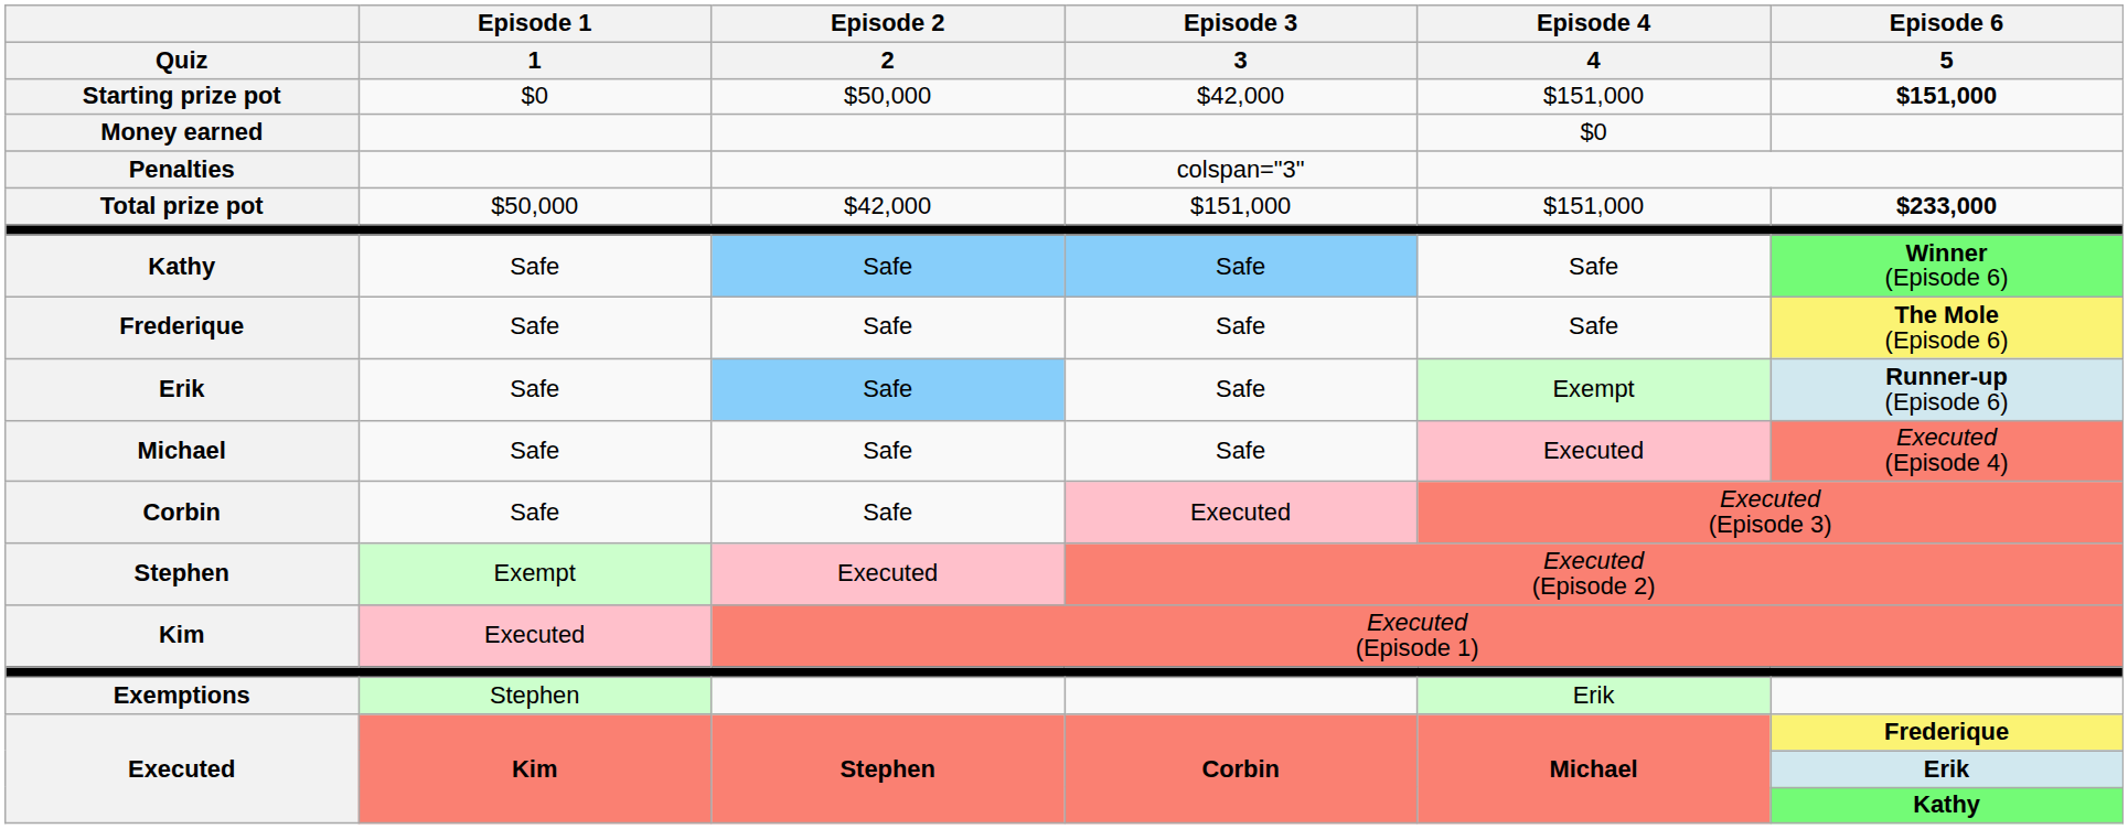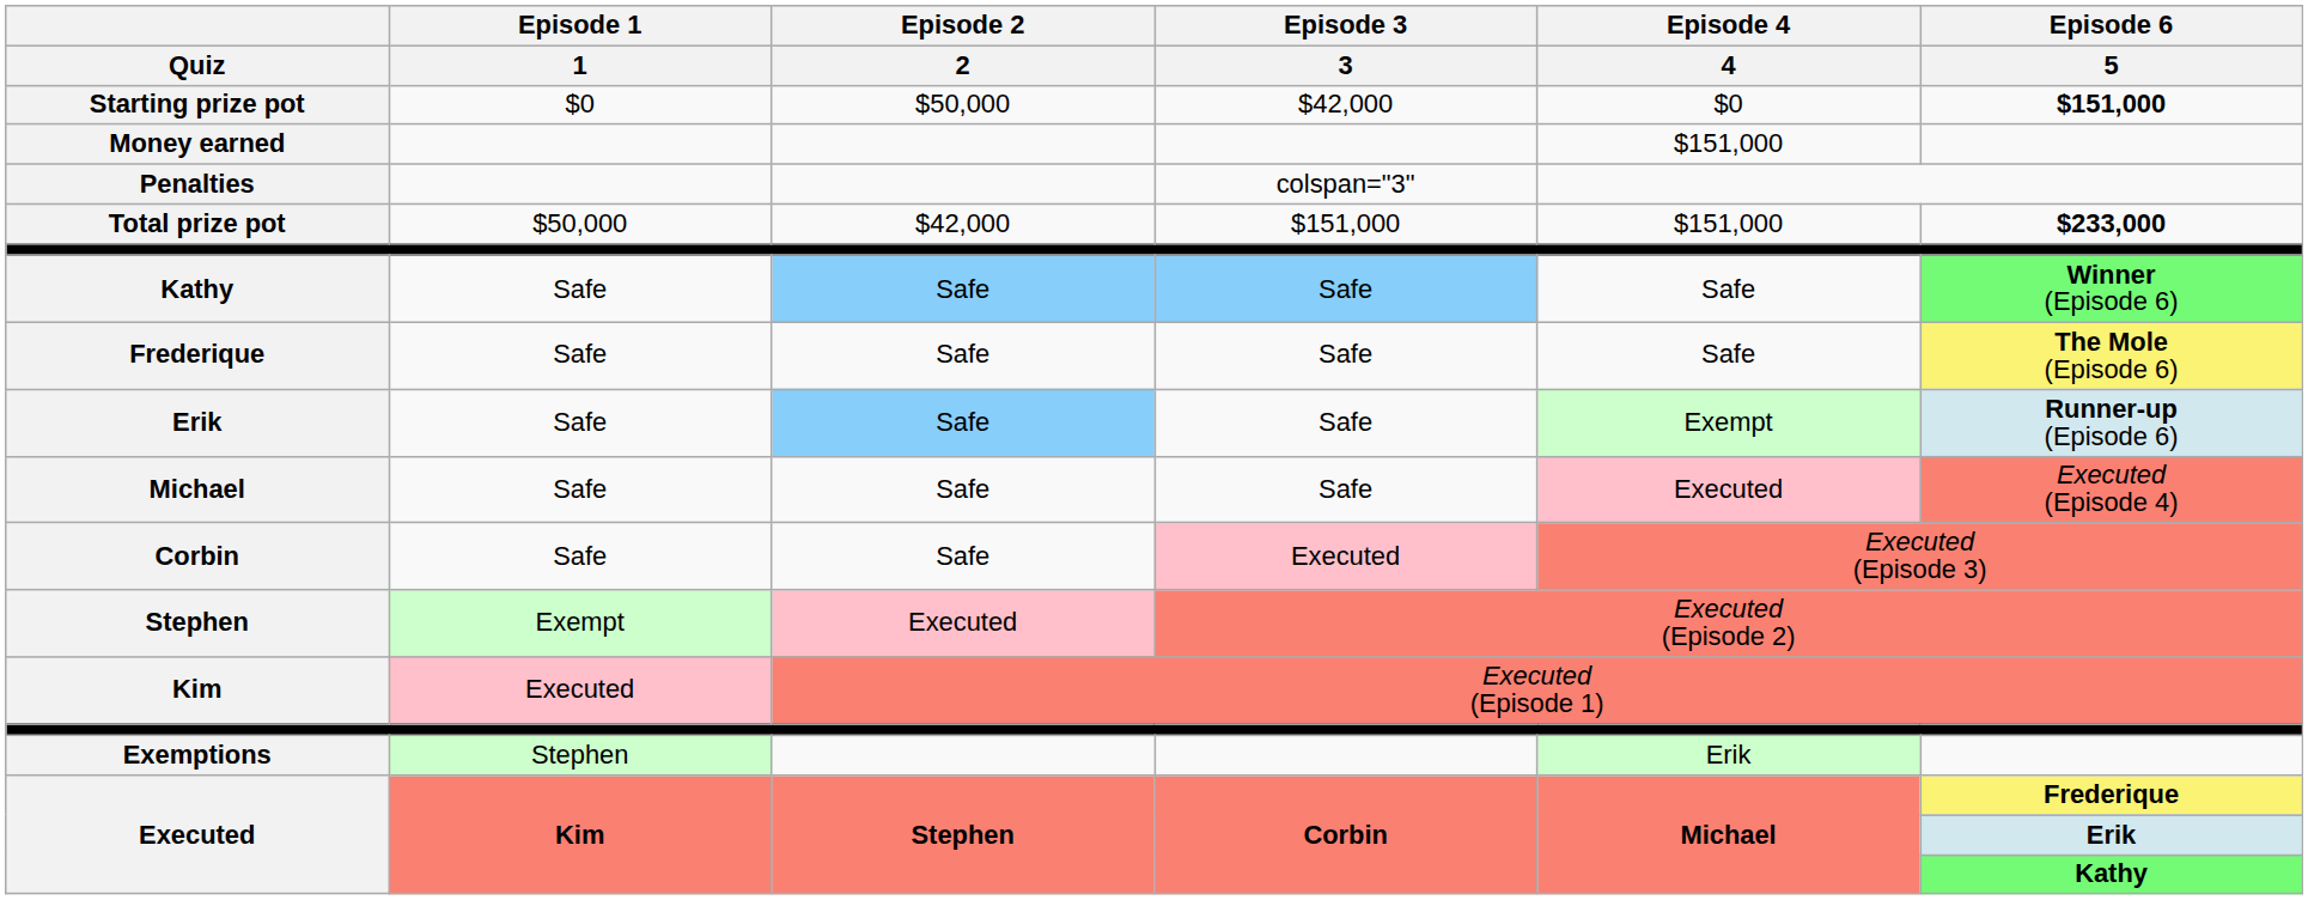 <table class="wikitable"  style="text-align:center; width:100%; font-size:90%; line-height:15px;">
 <tr>
 <th style="width:10%;"></th>
 <th style="width:10%;">Episode 1</th>
 <th style="width:10%;">Episode 2</th>
 <th style="width:10%;">Episode 3</th>
 <th style="width:10%;">Episode 4</th>
 <th style="width:10%;">Episode 6 <br> </th>
 </tr>
 <tr>
 <th>Quiz</th>
 <th>1</th>
 <th>2</th>
 <th>3</th>
 <th>4</th>
 <th>5</th>
 </tr>
 <tr>
 <th>Starting prize pot</th>
 <td>$0</td>
 <td>$50,000</td>
 <td>$42,000</td>
-<td>$151,000</td>
+<td>$0</td>
 <td><strong>$151,000</strong></td>
 </tr>
 <tr>
 <th>Money earned</th>
 <td></td>
 <td></td>
 <td></td>
-<td>$0</td>
+<td>$151,000</td>
 <td></td>
 </tr>
 <tr>
 <th>Penalties</th>
 <td></td>
 <td></td>
 <td>colspan="3" </td>
 </tr>
 <tr>
 <th>Total prize pot</th>
 <td>$50,000</td>
 <td>$42,000</td>
 <td>$151,000</td>
 <td>$151,000</td>
 <td><strong>$233,000</strong></td>
 </tr>
 <tr>
 <td colspan="7" bgcolor="black"></td>
 </tr>
 <tr>
 <th scope="row">Kathy</th>
 <td>Safe</td>
 <td style="background:#87CEFA;">Safe</td>
 <td style="background:#87CEFA;">Safe</td>
 <td>Safe</td>
 <td style="background:#73fb76;"><strong>Winner</strong> <br> (Episode 6)</td>
 </tr>
 <tr>
 <th scope="row">Frederique</th>
 <td>Safe</td>
 <td>Safe</td>
 <td>Safe</td>
 <td>Safe</td>
 <td style="background:#fbf373;"><strong>The Mole</strong><br> (Episode 6)</td>
 </tr>
 <tr>
 <th scope="row">Erik</th>
 <td>Safe</td>
 <td style="background:#87CEFA;">Safe</td>
 <td>Safe</td>
 <td style="background:#ccffcc;">Exempt</td>
 <td style="background:#d1e8ef;"><strong>Runner-up</strong> <br> (Episode 6)</td>
 </tr>
 <tr>
 <th scope="row">Michael</th>
 <td>Safe</td>
 <td>Safe</td>
 <td>Safe</td>
 <td style="background:pink;">Executed</td>
 <td colspan=2 bgcolor="salmon"><em>Executed</em> <br> (Episode 4)</td>
 </tr>
 <tr>
 <th scope="row">Corbin</th>
 <td>Safe</td>
 <td>Safe</td>
 <td style="background:pink;">Executed</td>
 <td colspan=3 bgcolor="salmon"><em>Executed</em> <br> (Episode 3)</td>
 </tr>
 <tr>
 <th scope="row">Stephen</th>
 <td style="background:#ccffcc;">Exempt</td>
 <td style="background:pink;">Executed</td>
 <td colspan=4 bgcolor="salmon"><em>Executed</em> <br> (Episode 2)</td>
 </tr>
 <tr>
 <th scope="row">Kim</th>
 <td style="background:pink;">Executed</td>
 <td colspan=5 bgcolor="salmon"><em>Executed</em> <br> (Episode 1)</td>
 </tr>
 <tr>
 <td colspan="7" bgcolor="black"></td>
 </tr>
 <tr>
 <th>Exemptions</th>
 <td bgcolor="#ccffcc">Stephen</td>
 <td></td>
 <td></td>
 <td bgcolor="#ccffcc">Erik</td>
 <td></td>
 </tr>
 <tr>
 <th rowspan="3">Executed</th>
 <td rowspan="3" bgcolor="salmon"><strong>Kim</strong> <br> </td>
 <td rowspan="3" bgcolor="salmon"><strong>Stephen</strong> <br> </td>
 <td rowspan="3" bgcolor="salmon"><strong>Corbin</strong> <br> </td>
 <td rowspan="3" bgcolor="salmon"><strong>Michael</strong> <br> </td>
 <td bgcolor="#fbf373"><strong>Frederique</strong> <br> </td>
 </tr>
 <tr>
 <td bgcolor="#d1e8ef"><strong>Erik</strong> <br> </td>
 </tr>
 <tr>
 <td bgcolor="#73fb76"><strong>Kathy</strong> <br> </td>
 </tr>
 </table>
